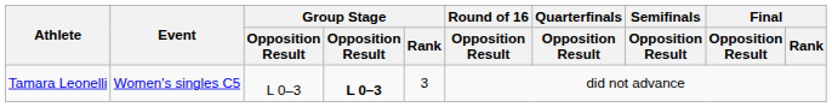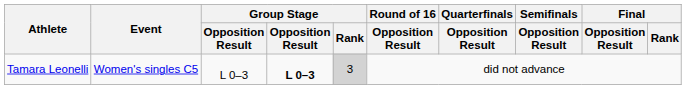 <table class=wikitable style="font-size:90%">
 <tr>
 <th rowspan="2">Athlete</th>
 <th rowspan="2">Event</th>
 <th colspan="3">Group Stage</th>
 <th>Round of 16</th>
 <th>Quarterfinals</th>
 <th>Semifinals</th>
 <th colspan="2">Final</th>
 </tr>
 <tr>
 <th>Opposition<br>Result</th>
 <th>Opposition<br>Result</th>
 <th>Rank</th>
 <th>Opposition<br>Result</th>
 <th>Opposition<br>Result</th>
 <th>Opposition<br>Result</th>
 <th>Opposition<br>Result</th>
 <th>Rank</th>
 </tr>
 <tr align=center>
 <td align=left><a href='#'>Tamara Leonelli</a></td>
 <td align=left><a href='#'>Women's singles C5</a></td>
 <td><br>L 0–3</td>
 <td><strong><br>L 0–3</strong></td>
-<td>3</td>
+<td style="background: lightgrey;">3</td>
 <td colspan="5">did not advance</td>
 </tr>
 </table>
